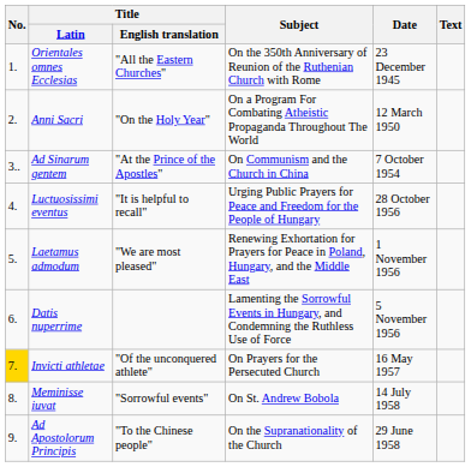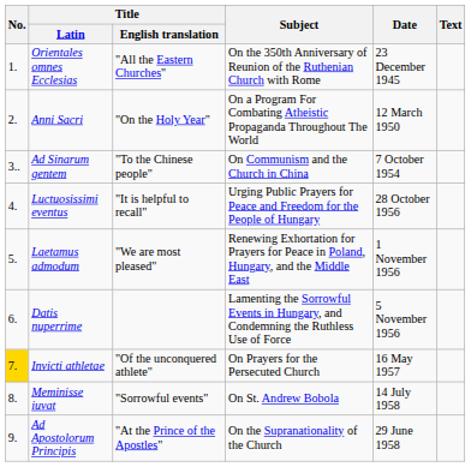 <table class="wikitable">
 <tr>
 <th rowspan=2>No.</th>
 <th colspan=2>Title</th>
 <th rowspan=2>Subject</th>
 <th rowspan=2>Date</th>
 <th rowspan=2>Text</th>
 </tr>
 <tr>
 <th><a href='#'>Latin</a></th>
 <th>English translation</th>
 </tr>
 <tr>
 <td>1.</td>
 <td><em><a href='#'>Orientales omnes Ecclesias</a></em></td>
 <td>"All the <a href='#'>Eastern Churches</a>"</td>
 <td>On the 350th Anniversary of Reunion of the <a href='#'>Ruthenian Church</a> with Rome</td>
 <td>23 December 1945</td>
 <td></td>
 </tr>
 <tr>
 <td>2.</td>
 <td><em><a href='#'>Anni Sacri</a></em></td>
 <td>"On the <a href='#'>Holy Year</a>"</td>
 <td>On a Program For Combating <a href='#'>Atheistic</a> Propaganda Throughout The World</td>
 <td>12 March 1950</td>
 <td></td>
 </tr>
 <tr>
 <td>3..</td>
 <td><em><a href='#'>Ad Sinarum gentem</a></em></td>
-<td>"At the <a href='#'>Prince of the Apostles</a>"</td>
+<td>"To the Chinese people"</td>
 <td>On <a href='#'>Communism</a> and the <a href='#'>Church in China</a></td>
 <td>7 October 1954</td>
 <td></td>
 </tr>
 <tr>
 <td>4.</td>
 <td><em><a href='#'>Luctuosissimi eventus</a></em></td>
 <td>"It is helpful to recall"</td>
 <td>Urging Public Prayers for <a href='#'>Peace and Freedom for the People of Hungary</a></td>
 <td>28 October 1956</td>
 <td></td>
 </tr>
 <tr>
 <td>5.</td>
 <td><em><a href='#'>Laetamus admodum</a></em></td>
 <td>"We are most pleased"</td>
 <td>Renewing Exhortation for Prayers for Peace in <a href='#'>Poland</a>, <a href='#'>Hungary</a>, and the <a href='#'>Middle East</a></td>
 <td>1 November 1956</td>
 <td></td>
 </tr>
 <tr>
 <td>6.</td>
 <td><em><a href='#'>Datis nuperrime</a></em></td>
 <td></td>
 <td>Lamenting the <a href='#'>Sorrowful Events in Hungary</a>, and Condemning the Ruthless Use of Force</td>
 <td>5 November 1956</td>
 <td></td>
 </tr>
 <tr>
 <td style="background: gold;">7.</td>
 <td><em><a href='#'>Invicti athletae</a></em></td>
 <td>"Of the unconquered athlete"</td>
 <td>On Prayers for the Persecuted Church</td>
 <td>16 May 1957</td>
 <td></td>
 </tr>
 <tr>
 <td>8.</td>
 <td><em><a href='#'>Meminisse iuvat</a></em></td>
 <td>"Sorrowful events"</td>
 <td>On St. <a href='#'>Andrew Bobola</a></td>
 <td>14 July 1958</td>
 <td></td>
 </tr>
 <tr>
 <td>9.</td>
 <td><em><a href='#'>Ad Apostolorum Principis</a></em></td>
-<td>"To the Chinese people"</td>
+<td>"At the <a href='#'>Prince of the Apostles</a>"</td>
 <td>On the <a href='#'>Supranationality</a> of the Church</td>
 <td>29 June 1958</td>
 <td></td>
 </tr>
 </table>
